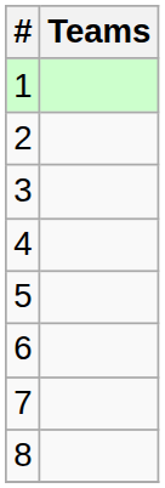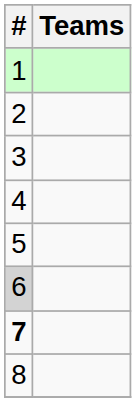 <table class="wikitable">
 <tr>
 <th>#</th>
 <th>Teams</th>
 </tr>
 <tr bgcolor=ccffcc>
 <td>1</td>
 <td></td>
 </tr>
 <tr>
 <td>2</td>
 <td></td>
 </tr>
 <tr>
 <td>3</td>
 <td></td>
 </tr>
 <tr>
 <td>4</td>
 <td></td>
 </tr>
 <tr>
 <td>5</td>
 <td></td>
 </tr>
 <tr>
-<td>6</td>
+<td style="background: lightgrey;">6</td>
 <td></td>
 </tr>
 <tr>
-<td>7</td>
+<td><strong>7</strong></td>
 <td></td>
 </tr>
 <tr>
 <td>8</td>
 <td></td>
 </tr>
 <tr>
 </tr>
 </table>
